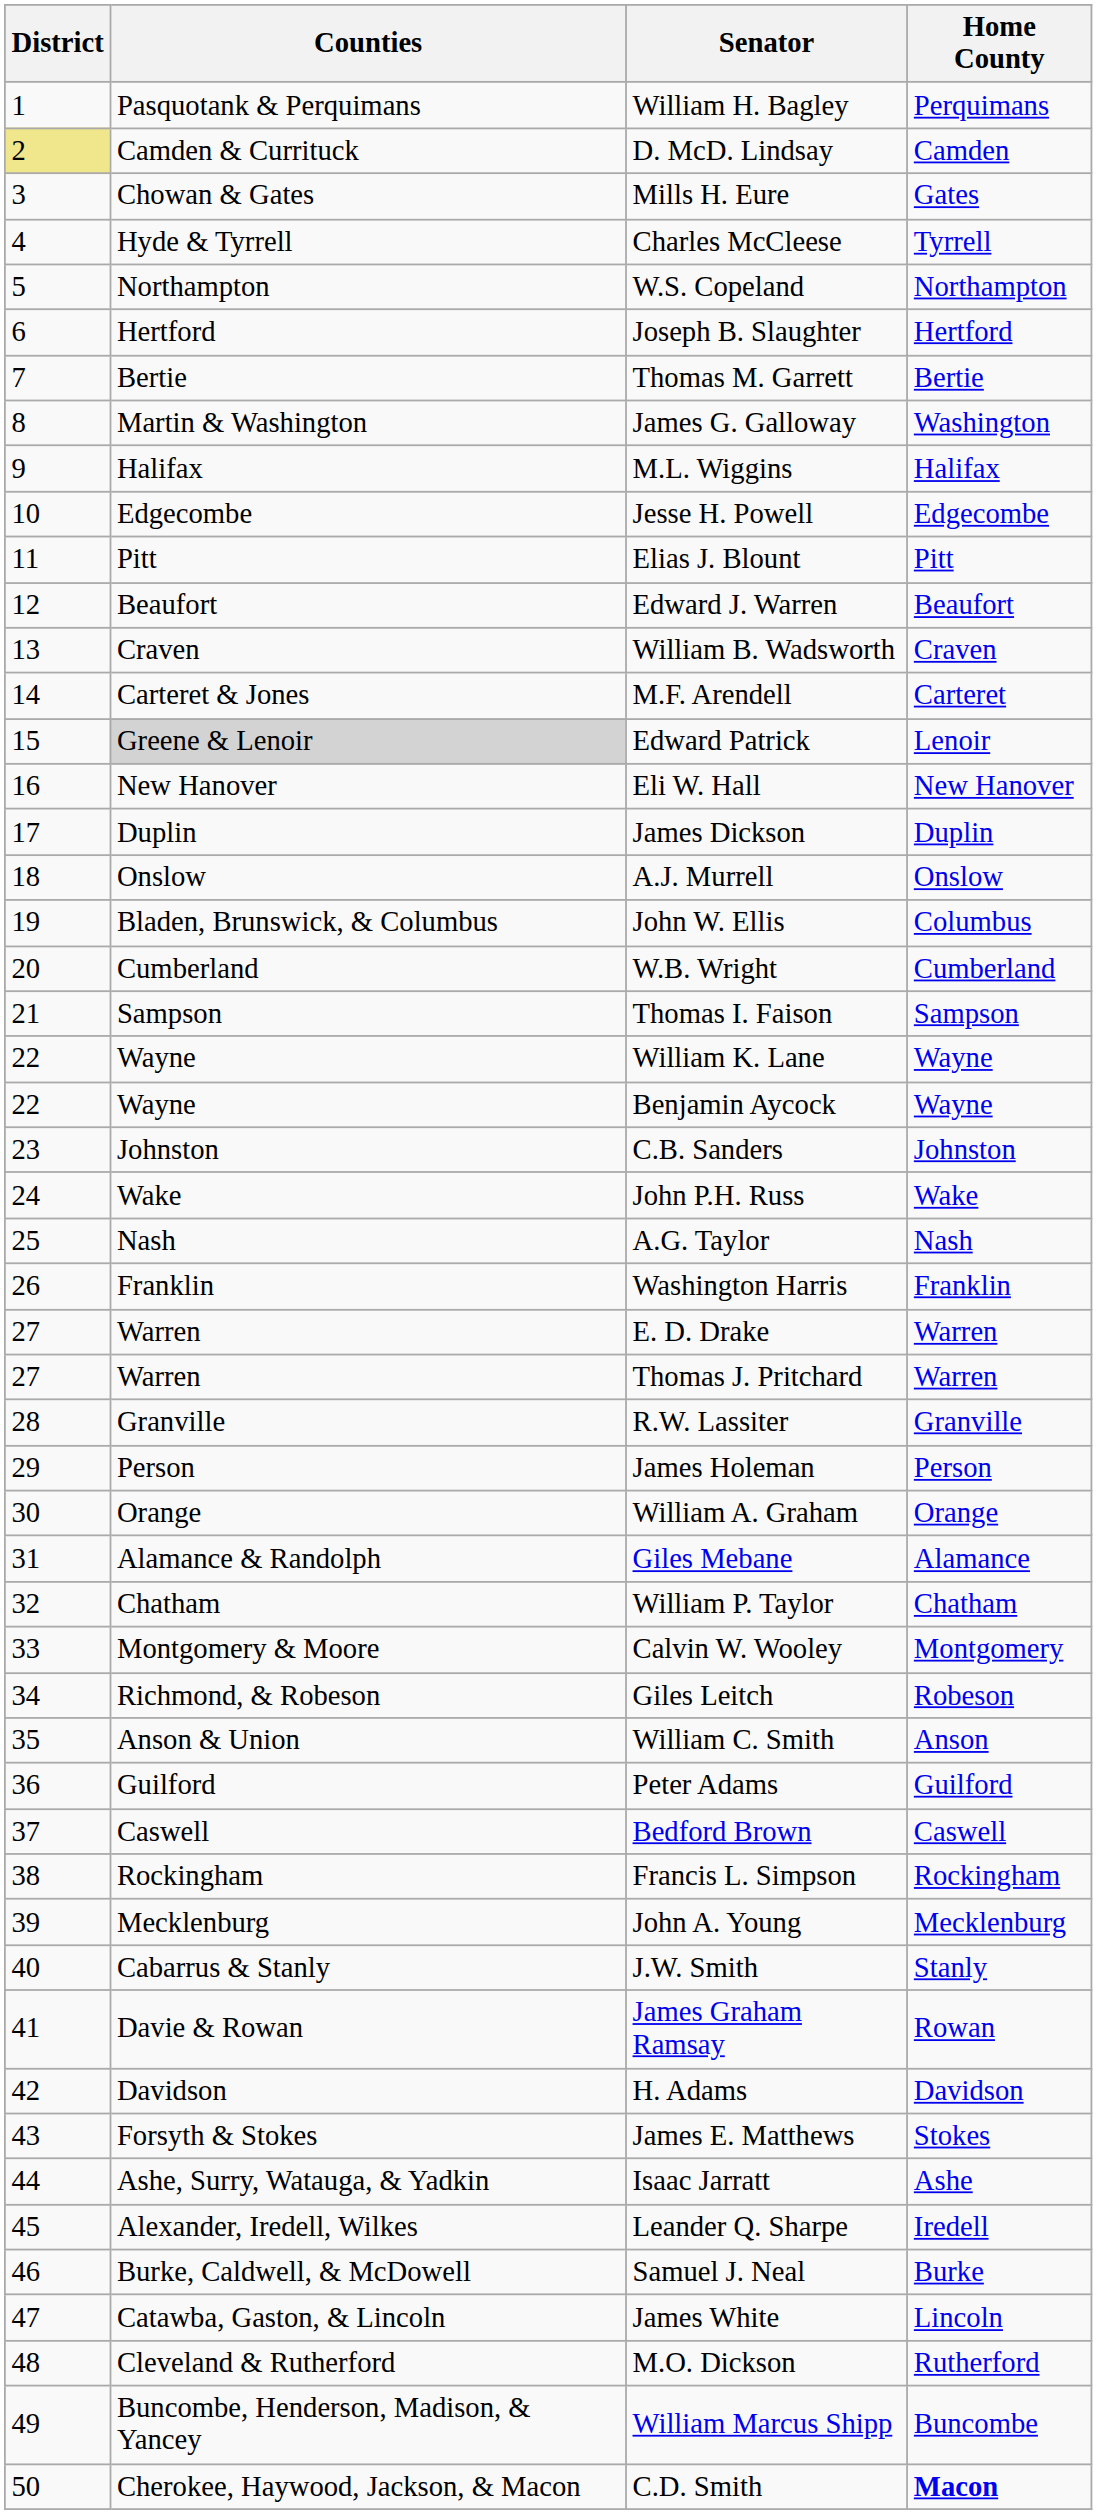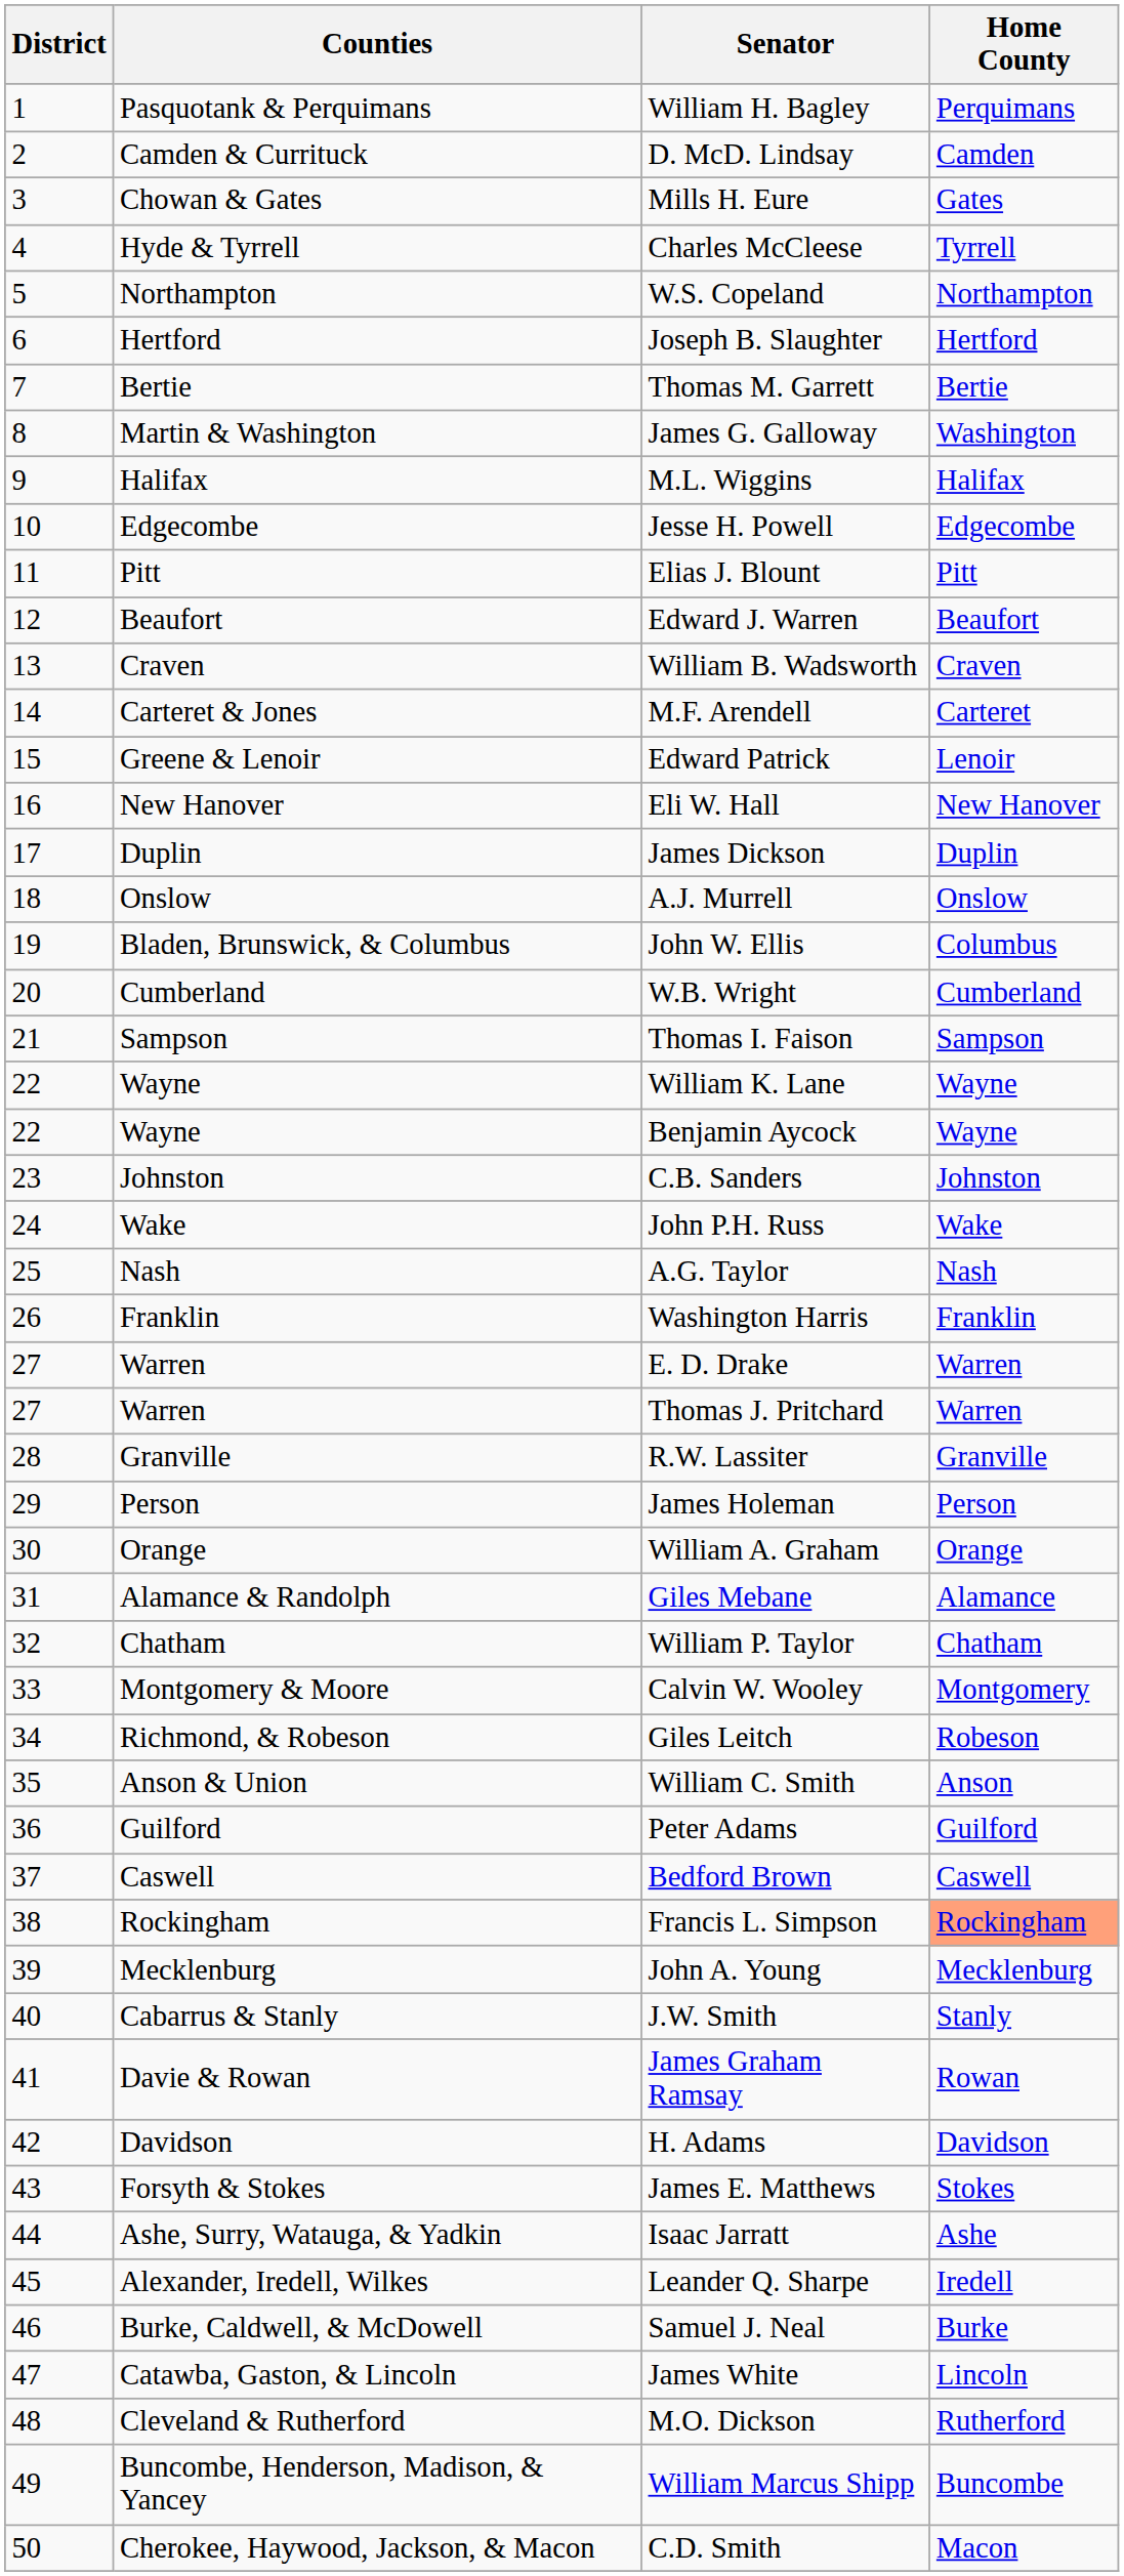 <table class="wikitable sortable">
 <tr>
 <th>District</th>
 <th>Counties</th>
 <th>Senator</th>
 <th>Home County</th>
 </tr>
 <tr>
 <td>1</td>
 <td>Pasquotank & Perquimans</td>
 <td data-sort-value="Bagley, William H.">William H. Bagley</td>
 <td><a href='#'>Perquimans</a></td>
 </tr>
 <tr>
-<td style="background: khaki;">2</td>
+<td>2</td>
 <td>Camden & Currituck</td>
 <td data-sort-value="Lindsay, D. McD.">D. McD. Lindsay</td>
 <td><a href='#'>Camden</a></td>
 </tr>
 <tr>
 <td>3</td>
 <td>Chowan & Gates</td>
 <td data-sort-value="Eure, Mills H.">Mills H. Eure</td>
 <td><a href='#'>Gates</a></td>
 </tr>
 <tr>
 <td>4</td>
 <td>Hyde & Tyrrell</td>
 <td data-sort-value="McCleese, Charles Mc">Charles McCleese</td>
 <td><a href='#'>Tyrrell</a></td>
 </tr>
 <tr>
 <td>5</td>
 <td>Northampton</td>
 <td data-sort-value="Copeland, W.S.">W.S. Copeland</td>
 <td><a href='#'>Northampton</a></td>
 </tr>
 <tr>
 <td>6</td>
 <td>Hertford</td>
 <td data-sort-value="Slaughter, Joseph B.">Joseph B. Slaughter</td>
 <td><a href='#'>Hertford</a></td>
 </tr>
 <tr>
 <td>7</td>
 <td>Bertie</td>
 <td data-sort-value="Garrett, Thomas M.">Thomas M. Garrett</td>
 <td><a href='#'>Bertie</a></td>
 </tr>
 <tr>
 <td>8</td>
 <td>Martin & Washington</td>
 <td data-sort-value="Galloway, James G.">James G. Galloway</td>
 <td><a href='#'>Washington</a></td>
 </tr>
 <tr>
 <td>9</td>
 <td>Halifax</td>
 <td data-sort-value="Wiggins, M.L.">M.L. Wiggins</td>
 <td><a href='#'>Halifax</a></td>
 </tr>
 <tr>
 <td>10</td>
 <td>Edgecombe</td>
 <td data-sort-value="Powell, Jesse H.">Jesse H. Powell</td>
 <td><a href='#'>Edgecombe</a></td>
 </tr>
 <tr>
 <td>11</td>
 <td>Pitt</td>
 <td data-sort-value="Blount, Elias J.">Elias J. Blount</td>
 <td><a href='#'>Pitt</a></td>
 </tr>
 <tr>
 <td>12</td>
 <td>Beaufort</td>
 <td data-sort-value="Warren, Edward J.">Edward J. Warren</td>
 <td><a href='#'>Beaufort</a></td>
 </tr>
 <tr>
 <td>13</td>
 <td>Craven</td>
 <td data-sort-value="Wadsworth, William B.">William B. Wadsworth</td>
 <td><a href='#'>Craven</a></td>
 </tr>
 <tr>
 <td>14</td>
 <td>Carteret & Jones</td>
 <td data-sort-value="Arendell, M.F.">M.F. Arendell</td>
 <td><a href='#'>Carteret</a></td>
 </tr>
 <tr>
 <td>15</td>
-<td style="background: lightgrey;">Greene & Lenoir</td>
+<td>Greene & Lenoir</td>
 <td data-sort-value="Patrick, Edward Pat">Edward Patrick</td>
 <td><a href='#'>Lenoir</a></td>
 </tr>
 <tr>
 <td>16</td>
 <td>New Hanover</td>
 <td data-sort-value="Hall, Eli W.">Eli W. Hall</td>
 <td><a href='#'>New Hanover</a></td>
 </tr>
 <tr>
 <td>17</td>
 <td>Duplin</td>
 <td data-sort-value="Dickson, James Dick">James Dickson</td>
 <td><a href='#'>Duplin</a></td>
 </tr>
 <tr>
 <td>18</td>
 <td>Onslow</td>
 <td data-sort-value="Murrell, A.J.">A.J. Murrell</td>
 <td><a href='#'>Onslow</a></td>
 </tr>
 <tr>
 <td>19</td>
 <td>Bladen, Brunswick, & Columbus</td>
 <td data-sort-value="Ellis, John W.">John W. Ellis</td>
 <td><a href='#'>Columbus</a></td>
 </tr>
 <tr>
 <td>20</td>
 <td>Cumberland</td>
 <td data-sort-value="Wright, W.B.">W.B. Wright</td>
 <td><a href='#'>Cumberland</a></td>
 </tr>
 <tr>
 <td>21</td>
 <td>Sampson</td>
 <td data-sort-value="Faison, Thomas I.">Thomas I. Faison</td>
 <td><a href='#'>Sampson</a></td>
 </tr>
 <tr>
 <td>22</td>
 <td>Wayne</td>
 <td data-sort-value="Lane, William K.">William K. Lane</td>
 <td><a href='#'>Wayne</a></td>
 </tr>
 <tr>
 <td>22</td>
 <td>Wayne</td>
 <td data-sort=value="Aycock, Benjamin">Benjamin Aycock</td>
 <td><a href='#'>Wayne</a></td>
 </tr>
 <tr>
 <td>23</td>
 <td>Johnston</td>
 <td data-sort-value="Sanders, C.B.">C.B. Sanders</td>
 <td><a href='#'>Johnston</a></td>
 </tr>
 <tr>
 <td>24</td>
 <td>Wake</td>
 <td data-sort-value="Russ, John P.H.">John P.H. Russ</td>
 <td><a href='#'>Wake</a></td>
 </tr>
 <tr>
 <td>25</td>
 <td>Nash</td>
 <td data-sort-value="Taylor, A.G.">A.G. Taylor</td>
 <td><a href='#'>Nash</a></td>
 </tr>
 <tr>
 <td>26</td>
 <td>Franklin</td>
 <td data-sort-value="Harris, Washington">Washington Harris</td>
 <td><a href='#'>Franklin</a></td>
 </tr>
 <tr>
 <td>27</td>
 <td>Warren</td>
 <td data-sort-value="Drake, E. D.">E. D. Drake</td>
 <td><a href='#'>Warren</a></td>
 </tr>
 <tr>
 <td>27</td>
 <td>Warren</td>
 <td data-sort-value="Pritchard, Thomas J.">Thomas J. Pritchard</td>
 <td><a href='#'>Warren</a></td>
 </tr>
 <tr>
 <td>28</td>
 <td>Granville</td>
 <td data-sort-value="Lassiter, R.W.">R.W. Lassiter</td>
 <td><a href='#'>Granville</a></td>
 </tr>
 <tr>
 <td>29</td>
 <td>Person</td>
 <td data-sort-value="Holeman, James Hole">James Holeman</td>
 <td><a href='#'>Person</a></td>
 </tr>
 <tr>
 <td>30</td>
 <td>Orange</td>
 <td data-sort-value="Graham, William A.">William A. Graham</td>
 <td><a href='#'>Orange</a></td>
 </tr>
 <tr>
 <td>31</td>
 <td>Alamance & Randolph</td>
 <td data-sort-value="Mebane, Giles Meba"><a href='#'>Giles Mebane</a></td>
 <td><a href='#'>Alamance</a></td>
 </tr>
 <tr>
 <td>32</td>
 <td>Chatham</td>
 <td data-sort-value="Taylor, William P.">William P. Taylor</td>
 <td><a href='#'>Chatham</a></td>
 </tr>
 <tr>
 <td>33</td>
 <td>Montgomery & Moore</td>
 <td data-sort-value="Wooley, Calvin W.">Calvin W. Wooley</td>
 <td><a href='#'>Montgomery</a></td>
 </tr>
 <tr>
 <td>34</td>
 <td>Richmond, & Robeson</td>
 <td data-sort-value="Leitch, Giles Leit">Giles Leitch</td>
 <td><a href='#'>Robeson</a></td>
 </tr>
 <tr>
 <td>35</td>
 <td>Anson & Union</td>
 <td data-sort-value="Smith, William C.">William C. Smith</td>
 <td><a href='#'>Anson</a></td>
 </tr>
 <tr>
 <td>36</td>
 <td>Guilford</td>
 <td data-sort-value="Adams, Peter Adam">Peter Adams</td>
 <td><a href='#'>Guilford</a></td>
 </tr>
 <tr>
 <td>37</td>
 <td>Caswell</td>
 <td data-sort-value="Brown, Bedford Br"><a href='#'>Bedford Brown</a></td>
 <td><a href='#'>Caswell</a></td>
 </tr>
 <tr>
 <td>38</td>
 <td>Rockingham</td>
 <td data-sort-value="Simpson, Francis L.">Francis L. Simpson</td>
-<td><a href='#'>Rockingham</a></td>
+<td style="background: lightsalmon;"><a href='#'>Rockingham</a></td>
 </tr>
 <tr>
 <td>39</td>
 <td>Mecklenburg</td>
 <td data-sort-value="Young, John A.">John A. Young</td>
 <td><a href='#'>Mecklenburg</a></td>
 </tr>
 <tr>
 <td>40</td>
 <td>Cabarrus & Stanly</td>
 <td data-sort-value="Smith, J.W.">J.W. Smith</td>
 <td><a href='#'>Stanly</a></td>
 </tr>
 <tr>
 <td>41</td>
 <td>Davie & Rowan</td>
 <td data-sort-value="Ramsay, James Graham"><a href='#'>James Graham Ramsay</a></td>
 <td><a href='#'>Rowan</a></td>
 </tr>
 <tr>
 <td>42</td>
 <td>Davidson</td>
 <td data-sort-value="Adams, H.">H. Adams</td>
 <td><a href='#'>Davidson</a></td>
 </tr>
 <tr>
 <td>43</td>
 <td>Forsyth & Stokes</td>
 <td data-sort-value="Matthews, James E.">James E. Matthews</td>
 <td><a href='#'>Stokes</a></td>
 </tr>
 <tr>
 <td>44</td>
 <td>Ashe, Surry, Watauga, & Yadkin</td>
 <td data-sort-value="Jarratt, Isaac Jarr">Isaac Jarratt</td>
 <td><a href='#'>Ashe</a></td>
 </tr>
 <tr>
 <td>45</td>
 <td>Alexander, Iredell, Wilkes</td>
 <td data-sort-value="Sharpe, Leander Q.">Leander Q. Sharpe</td>
 <td><a href='#'>Iredell</a></td>
 </tr>
 <tr>
 <td>46</td>
 <td>Burke, Caldwell, & McDowell</td>
 <td data-sort-value="Neal, Samuel J.">Samuel J. Neal</td>
 <td><a href='#'>Burke</a></td>
 </tr>
 <tr>
 <td>47</td>
 <td>Catawba, Gaston, & Lincoln</td>
 <td data-sort-value="White, James Whit">James White</td>
 <td><a href='#'>Lincoln</a></td>
 </tr>
 <tr>
 <td>48</td>
 <td>Cleveland & Rutherford</td>
 <td data-sort-value="Dickson, M.O.">M.O. Dickson</td>
 <td><a href='#'>Rutherford</a></td>
 </tr>
 <tr>
 <td>49</td>
 <td>Buncombe, Henderson, Madison, & Yancey</td>
 <td data-sort-value="Shipp, William Marcus"><a href='#'>William Marcus Shipp</a></td>
 <td><a href='#'>Buncombe</a></td>
 </tr>
 <tr>
 <td>50</td>
 <td>Cherokee, Haywood, Jackson, & Macon</td>
 <td data-sort-value="Smith, C.D.">C.D. Smith</td>
-<td><strong><a href='#'>Macon</a></strong></td>
+<td><a href='#'>Macon</a></td>
 </tr>
 </table>
